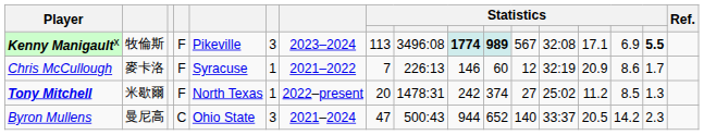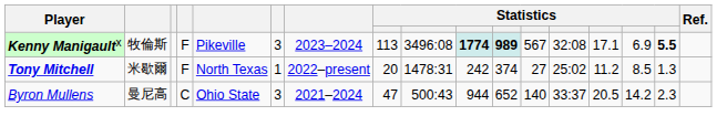 <table class="wikitable sortable" style="font-size:95%; text-align:right;">
 <tr>
 <th rowspan="2">Player</th>
 <th rowspan="2"></th>
 <th rowspan="2"></th>
 <th rowspan="2"></th>
 <th rowspan="2"></th>
 <th rowspan="2"></th>
 <th rowspan="2"></th>
 <th colspan="9">Statistics</th>
 <th rowspan="2">Ref.</th>
 </tr>
 <tr>
 <th></th>
 <th></th>
 <th></th>
 <th></th>
 <th></th>
 <th></th>
 <th></th>
 <th></th>
 <th></th>
 </tr>
 <tr>
 <td align="left" bgcolor="#CCFFCC"><strong><em>Kenny Manigault</em></strong><sup>x</sup></td>
 <td align="left">牧倫斯</td>
 <td align="center"></td>
 <td align="center">F</td>
 <td align="left"><a href='#'>Pikeville</a></td>
 <td align="center">3</td>
 <td align="center"><a href='#'>2023–2024</a></td>
 <td>113</td>
 <td>3496:08</td>
 <td bgcolor="#CFECEC"><strong>1774</strong></td>
 <td bgcolor="#CFECEC"><strong>989</strong></td>
 <td>567</td>
 <td>32:08</td>
 <td>17.1</td>
 <td>6.9</td>
 <td><strong>5.5</strong></td>
 <td align="center"></td>
 </tr>
 <tr>
-<td align="left"><em><a href='#'>Chris McCullough</a></em></td>
-<td align="left">麥卡洛</td>
-<td align="center"></td>
-<td align="center">F</td>
-<td align="left"><a href='#'>Syracuse</a></td>
-<td align="center">1</td>
-<td align="center"><a href='#'>2021–2022</a></td>
-<td>7</td>
-<td>226:13</td>
-<td>146</td>
-<td>60</td>
-<td>12</td>
-<td>32:19</td>
-<td>20.9</td>
-<td>8.6</td>
-<td>1.7</td>
-<td align="center"></td>
-</tr>
-<tr>
 <td align="left"><strong><em><a href='#'>Tony Mitchell</a></em></strong></td>
 <td align="left">米歇爾</td>
 <td align="center"></td>
 <td align="center">F</td>
 <td align="left"><a href='#'>North Texas</a></td>
 <td align="center">1</td>
 <td align="center"><a href='#'>2022</a>–<a href='#'>present</a></td>
 <td>20</td>
 <td>1478:31</td>
 <td>242</td>
 <td>374</td>
 <td>27</td>
 <td>25:02</td>
 <td>11.2</td>
 <td>8.5</td>
 <td>1.3</td>
 <td align="center"></td>
 </tr>
 <tr>
 <td align="left"><em><a href='#'>Byron Mullens</a></em></td>
 <td align="left">曼尼高</td>
 <td align="center"></td>
 <td align="center">C</td>
 <td align="left"><a href='#'>Ohio State</a></td>
 <td align="center">3</td>
 <td align="center"><a href='#'>2021</a>–<a href='#'>2024</a></td>
 <td>47</td>
 <td>500:43</td>
 <td>944</td>
 <td>652</td>
 <td>140</td>
 <td>33:37</td>
 <td>20.5</td>
 <td>14.2</td>
 <td>2.3</td>
 <td align="center"></td>
 </tr>
 </table>
